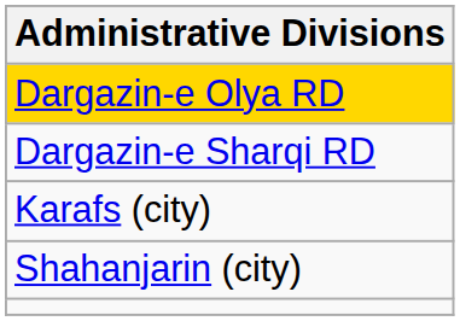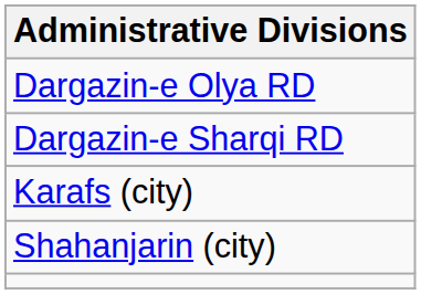 <table class="wikitable">
 <tr>
 <th>Administrative Divisions</th>
 </tr>
 <tr>
-<td style="background: gold;"><a href='#'>Dargazin-e Olya RD</a></td>
+<td><a href='#'>Dargazin-e Olya RD</a></td>
 </tr>
 <tr>
 <td><a href='#'>Dargazin-e Sharqi RD</a></td>
 </tr>
 <tr>
 <td><a href='#'>Karafs</a> (city)</td>
 </tr>
 <tr>
 <td><a href='#'>Shahanjarin</a> (city)</td>
 </tr>
 <tr>
 <td colspan=1></td>
 </tr>
 </table>
